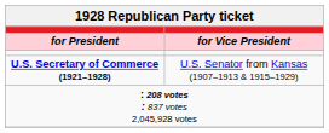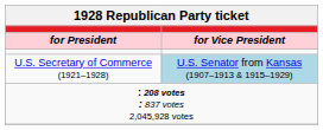 <table class="wikitable" style="font-size:90%; text-align:center;">
 <tr>
 <td style="background:#f1f1f1;" colspan="30"><big><strong>1928 Republican Party ticket</strong></big></td>
 </tr>
 <tr>
 <th style="width:3em; font-size:135%; background:#E81B23; width:200px;"><a href='#'></a></th>
 <th style="width:3em; font-size:135%; background:#E81B23; width:200px;"><a href='#'></a></th>
 </tr>
 <tr style="color:#000; font-size:100%; background:#FFD0D7;">
 <td style="width:3em; width:200px;"><strong><em>for President</em></strong></td>
 <td style="width:3em; width:200px;"><strong><em>for Vice President</em></strong></td>
 </tr>
 <tr>
 <td></td>
 <td></td>
 </tr>
 <tr>
-<td><strong><a href='#'>U.S. Secretary of Commerce</a><br><small>(1921–1928)</small></strong></td>
-<td><a href='#'>U.S. Senator</a> from <a href='#'>Kansas</a> <br><small>(1907–1913 & 1915–1929)</small></td>
+<td><a href='#'>U.S. Secretary of Commerce</a><br><small>(1921–1928)</small></td>
+<td style="background: lightblue;"><a href='#'>U.S. Senator</a> from <a href='#'>Kansas</a> <br><small>(1907–1913 & 1915–1929)</small></td>
 </tr>
 <tr>
 <td colspan=2><strong>:<strong><em><small> 208 votes</small><em><br></strong>:</em></strong><small> 837 votes</small></em><br><small>2,045,928 votes</small></td>
 </tr>
 <tr>
 </tr>
 </table>
